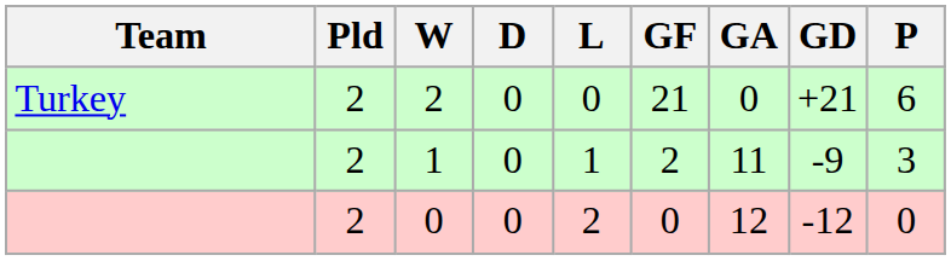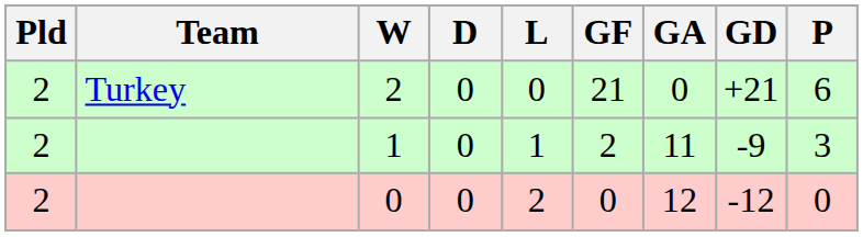 <table class="wikitable">
 <tr>
+<th width=25>Pld</th>
 <th width=120>Team</th>
-<th width=25>Pld</th>
 <th width=25>W</th>
 <th width=25>D</th>
 <th width=25>L</th>
 <th width=25>GF</th>
 <th width=25>GA</th>
 <th width=25>GD</th>
 <th width=25>P</th>
 </tr>
 <tr align=center bgcolor=#ccffcc>
+<td>2</td>
 <td align=left> <a href='#'>Turkey</a></td>
-<td>2</td>
 <td>2</td>
 <td>0</td>
 <td>0</td>
 <td>21</td>
 <td>0</td>
 <td>+21</td>
 <td>6</td>
 </tr>
 <tr align=center bgcolor=#ccffcc>
+<td>2</td>
 <td align=left></td>
-<td>2</td>
 <td>1</td>
 <td>0</td>
 <td>1</td>
 <td>2</td>
 <td>11</td>
 <td>-9</td>
 <td>3</td>
 </tr>
 <tr align=center bgcolor=#ffcccc>
+<td>2</td>
 <td align=left></td>
-<td>2</td>
 <td>0</td>
 <td>0</td>
 <td>2</td>
 <td>0</td>
 <td>12</td>
 <td>-12</td>
 <td>0</td>
 </tr>
 </table>
